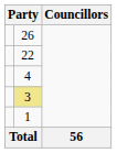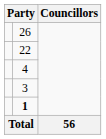 <table class="wikitable">
 <tr>
 <th colspan=2>Party</th>
 <th>Councillors</th>
 </tr>
 <tr>
 <td></td>
 <td align=center>26</td>
 </tr>
 <tr>
 <td></td>
 <td align=center>22</td>
 </tr>
 <tr>
 <td></td>
 <td align=center>4</td>
 </tr>
 <tr>
 <td></td>
-<td align=center style="background: khaki;">3</td>
+<td align=center>3</td>
 </tr>
 <tr>
 <td></td>
-<td align=center>1</td>
+<td align=center><strong>1</strong></td>
 </tr>
 <tr>
 <th colspan=2>Total</th>
 <th align=center>56</th>
 </tr>
 </table>
